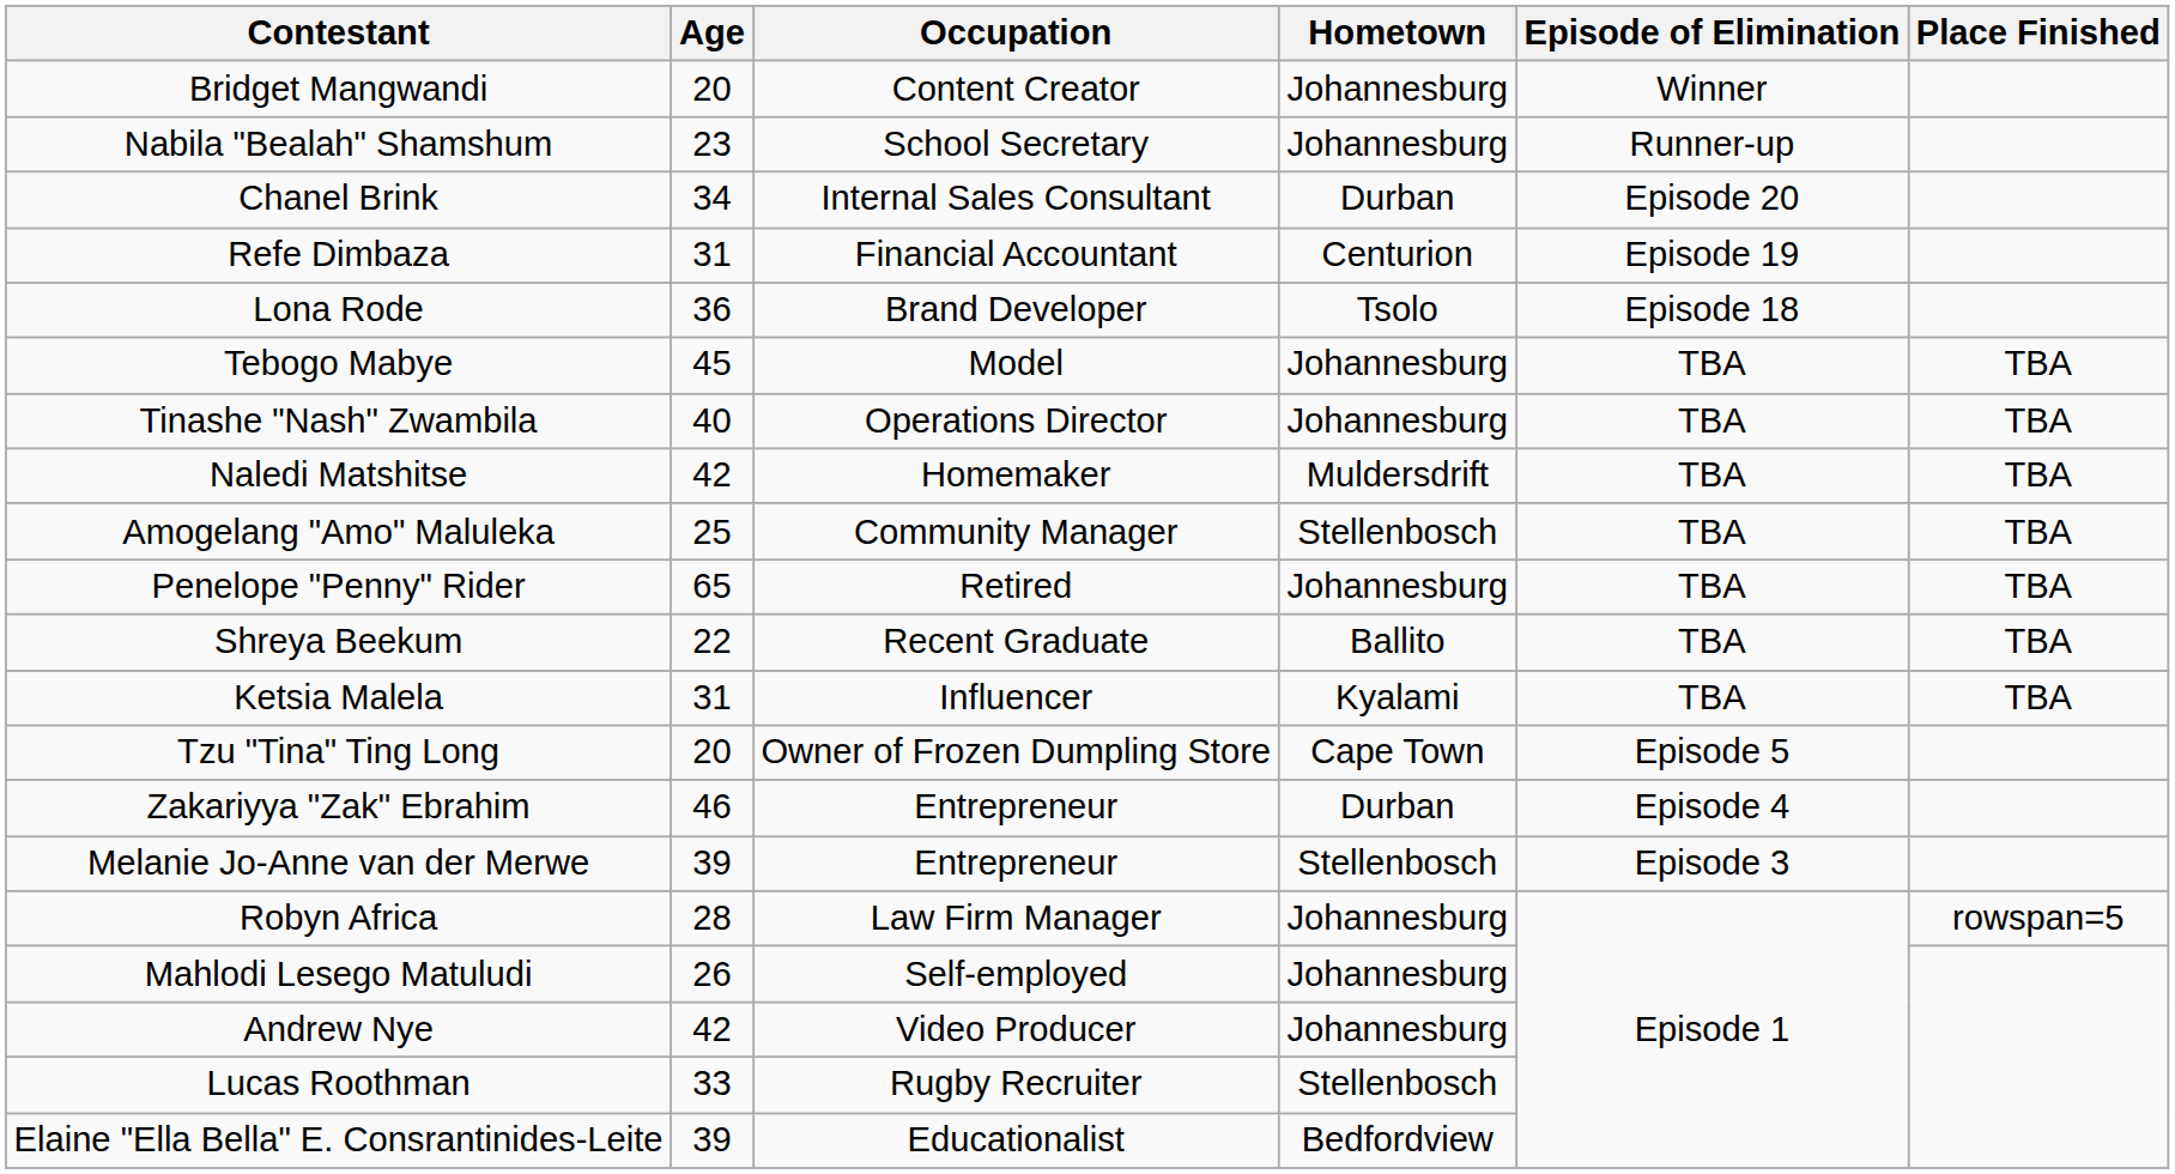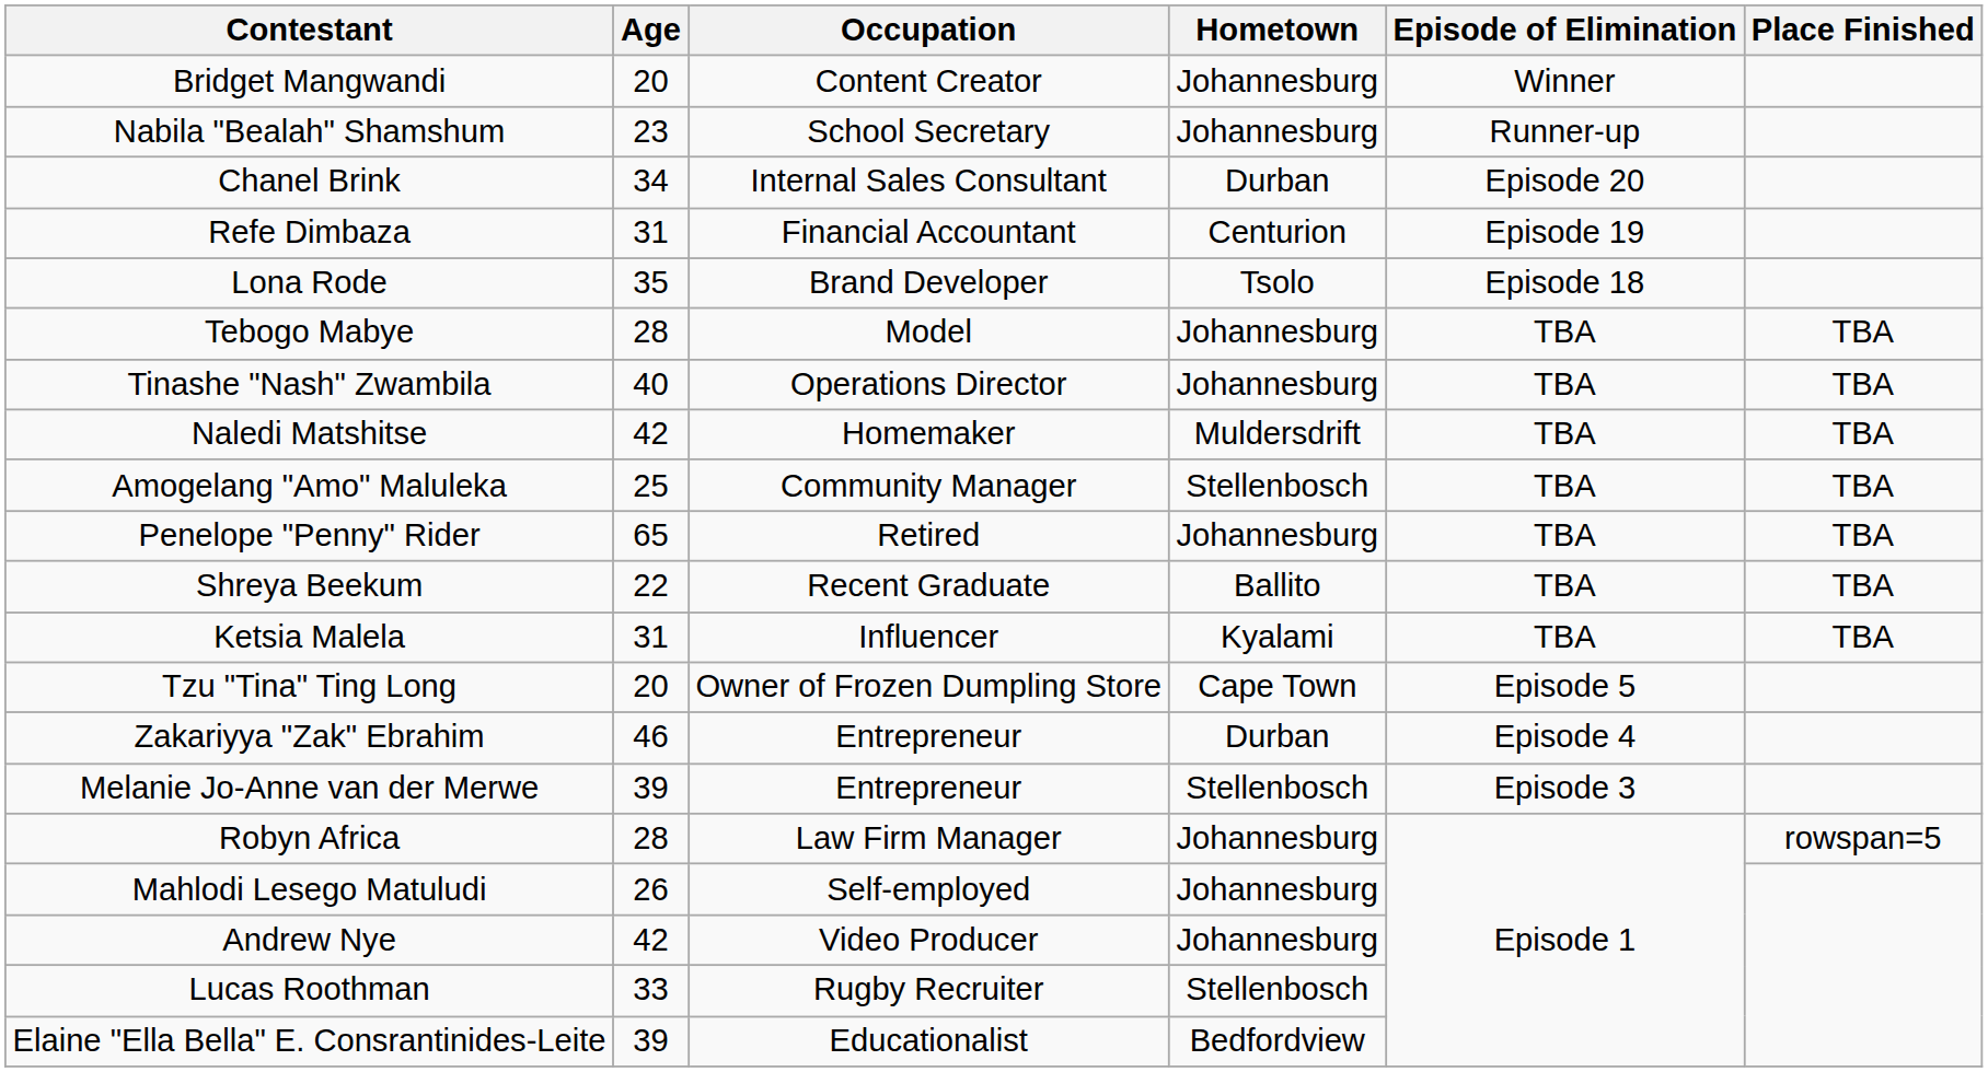 <table class="wikitable sortable" style="text-align:center">
 <tr>
 <th>Contestant</th>
 <th>Age</th>
 <th>Occupation</th>
 <th>Hometown</th>
 <th>Episode of Elimination</th>
 <th>Place Finished</th>
 </tr>
 <tr>
 <td>Bridget Mangwandi</td>
 <td>20</td>
 <td>Content Creator</td>
 <td>Johannesburg</td>
 <td>Winner</td>
 <td></td>
 </tr>
 <tr>
 <td>Nabila "Bealah" Shamshum</td>
 <td>23</td>
 <td>School Secretary</td>
 <td>Johannesburg</td>
 <td>Runner-up</td>
 <td></td>
 </tr>
 <tr>
 <td>Chanel Brink</td>
 <td>34</td>
 <td>Internal Sales Consultant</td>
 <td>Durban</td>
 <td>Episode 20</td>
 <td></td>
 </tr>
 <tr>
 <td>Refe Dimbaza</td>
 <td>31</td>
 <td>Financial Accountant</td>
 <td>Centurion</td>
 <td>Episode 19</td>
 <td></td>
 </tr>
 <tr>
 <td>Lona Rode</td>
-<td>36</td>
+<td>35</td>
 <td>Brand Developer</td>
 <td>Tsolo</td>
 <td>Episode 18</td>
 <td></td>
 </tr>
 <tr>
 <td>Tebogo Mabye</td>
-<td>45</td>
+<td>28</td>
 <td>Model</td>
 <td>Johannesburg</td>
 <td>TBA</td>
 <td>TBA</td>
 </tr>
 <tr>
 <td>Tinashe "Nash" Zwambila</td>
 <td>40</td>
 <td>Operations Director</td>
 <td>Johannesburg</td>
 <td>TBA</td>
 <td>TBA</td>
 </tr>
 <tr>
 <td>Naledi Matshitse</td>
 <td>42</td>
 <td>Homemaker</td>
 <td>Muldersdrift</td>
 <td>TBA</td>
 <td>TBA</td>
 </tr>
 <tr>
 <td>Amogelang "Amo" Maluleka</td>
 <td>25</td>
 <td>Community Manager</td>
 <td>Stellenbosch</td>
 <td>TBA</td>
 <td>TBA</td>
 </tr>
 <tr>
 <td>Penelope "Penny" Rider</td>
 <td>65</td>
 <td>Retired</td>
 <td>Johannesburg</td>
 <td>TBA</td>
 <td>TBA</td>
 </tr>
 <tr>
 <td>Shreya Beekum</td>
 <td>22</td>
 <td>Recent Graduate</td>
 <td>Ballito</td>
 <td>TBA</td>
 <td>TBA</td>
 </tr>
 <tr>
 <td>Ketsia Malela</td>
 <td>31</td>
 <td>Influencer</td>
 <td>Kyalami</td>
 <td>TBA</td>
 <td>TBA</td>
 </tr>
 <tr>
 <td>Tzu "Tina" Ting Long</td>
 <td>20</td>
 <td>Owner of Frozen Dumpling Store</td>
 <td>Cape Town</td>
 <td>Episode 5</td>
 <td></td>
 </tr>
 <tr>
 <td>Zakariyya "Zak" Ebrahim</td>
 <td>46</td>
 <td>Entrepreneur</td>
 <td>Durban</td>
 <td>Episode 4</td>
 <td></td>
 </tr>
 <tr>
 <td>Melanie Jo-Anne van der Merwe</td>
 <td>39</td>
 <td>Entrepreneur</td>
 <td>Stellenbosch</td>
 <td>Episode 3</td>
 <td></td>
 </tr>
 <tr>
 <td>Robyn Africa</td>
 <td>28</td>
 <td>Law Firm Manager</td>
 <td>Johannesburg</td>
 <td rowspan="5">Episode 1</td>
 <td>rowspan=5 </td>
 </tr>
 <tr>
 <td>Mahlodi Lesego Matuludi</td>
 <td>26</td>
 <td>Self-employed</td>
 <td>Johannesburg</td>
 </tr>
 <tr>
 <td>Andrew Nye</td>
 <td>42</td>
 <td>Video Producer</td>
 <td>Johannesburg</td>
 </tr>
 <tr>
 <td>Lucas Roothman</td>
 <td>33</td>
 <td>Rugby Recruiter</td>
 <td>Stellenbosch</td>
 </tr>
 <tr>
 <td>Elaine "Ella Bella" E. Consrantinides-Leite</td>
 <td>39</td>
 <td>Educationalist</td>
 <td>Bedfordview</td>
 </tr>
 </table>
